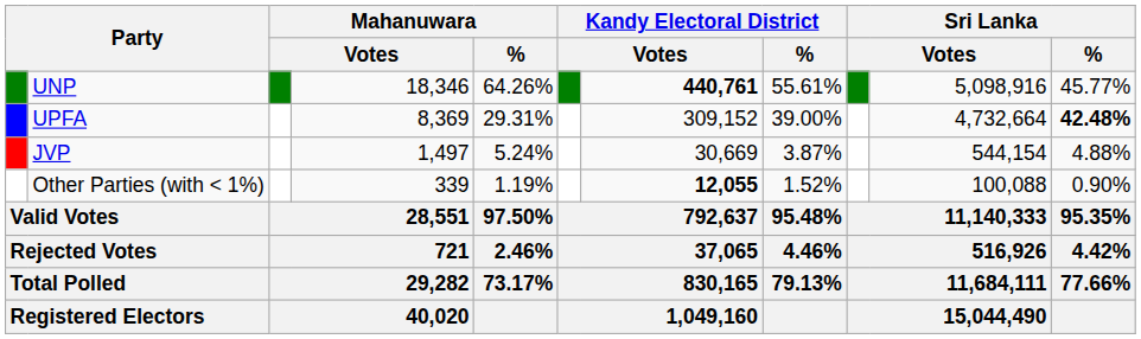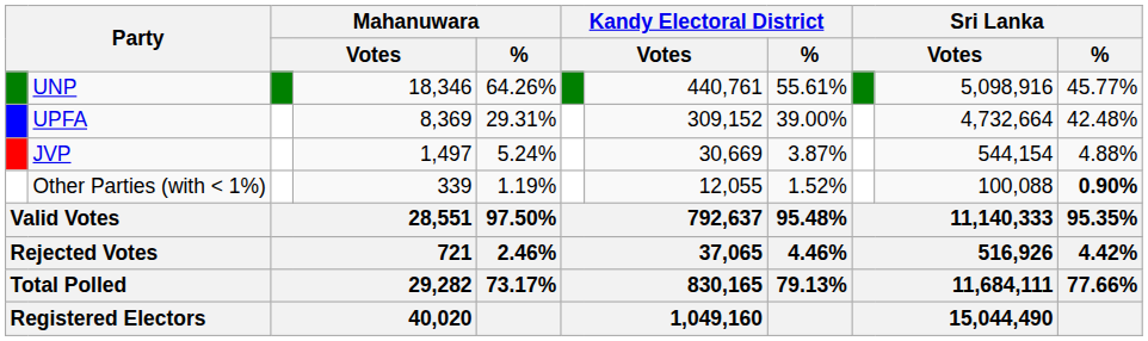 <table class="wikitable">
 <tr>
 <th colspan="2" width="144px"rowspan="2">Party</th>
 <th colspan="3" width="216px">Mahanuwara</th>
 <th colspan="3" width="216px"><a href='#'>Kandy Electoral District</a></th>
 <th colspan="3" width="216px">Sri Lanka</th>
 </tr>
 <tr>
 <th colspan="2" width="144px">Votes</th>
 <th>%</th>
 <th colspan="2" width="144px">Votes</th>
 <th>%</th>
 <th colspan="2" width="144px">Votes</th>
 <th>%</th>
 </tr>
 <tr>
 <td style="background-color:green;" width="10px"></td>
 <td style="text-align:left;"><a href='#'>UNP</a></td>
 <td style="background-color:green;" width="10px"></td>
 <td style="text-align:right;">18,346</td>
 <td style="text-align:right;">64.26%</td>
 <td style="background-color:green;" width="10px"></td>
-<td style="text-align:right;"><strong>440,761</strong></td>
+<td style="text-align:right;">440,761</td>
 <td style="text-align:right;">55.61%</td>
 <td style="background-color:green;" width="10px"></td>
 <td style="text-align:right;">5,098,916</td>
 <td style="text-align:right;">45.77%</td>
 </tr>
 <tr>
 <td style="background-color:blue;" width="10px"></td>
 <td style="text-align:left;"><a href='#'>UPFA</a></td>
 <td style="background-color:white;" width="10px"></td>
 <td style="text-align:right;">8,369</td>
 <td style="text-align:right;">29.31%</td>
 <td style="background-color:white;" width="10px"></td>
 <td style="text-align:right;">309,152</td>
 <td style="text-align:right;">39.00%</td>
 <td style="background-color:white;" width="10px"></td>
 <td style="text-align:right;">4,732,664</td>
-<td style="text-align:right;"><strong>42.48%</strong></td>
+<td style="text-align:right;">42.48%</td>
 </tr>
 <tr>
 <td style="background-color:red;" width="10px"></td>
 <td style="text-align:left;"><a href='#'>JVP</a></td>
 <td style="background-color:white;" width="10px"></td>
 <td style="text-align:right;">1,497</td>
 <td style="text-align:right;">5.24%</td>
 <td style="background-color:white;" width="10px"></td>
 <td style="text-align:right;">30,669</td>
 <td style="text-align:right;">3.87%</td>
 <td style="background-color:white;" width="10px"></td>
 <td style="text-align:right;">544,154</td>
 <td style="text-align:right;">4.88%</td>
 </tr>
 <tr>
 <td style="background-color:white;" width="10px"></td>
 <td style="text-align:left;">Other Parties (with < 1%)</td>
 <td style="background-color:white;" width="10px"></td>
 <td style="text-align:right;">339</td>
 <td style="text-align:right;">1.19%</td>
 <td style="background-color:white;" width="10px"></td>
-<td style="text-align:right;"><strong>12,055</strong></td>
+<td style="text-align:right;">12,055</td>
 <td style="text-align:right;">1.52%</td>
 <td style="background-color:white;" width="10px"></td>
 <td style="text-align:right;">100,088</td>
-<td style="text-align:right;">0.90%</td>
+<td style="text-align:right;"><strong>0.90%</strong></td>
 </tr>
 <tr>
 <th colspan="2" width="144px"style="text-align:left;">Valid Votes</th>
 <th style="text-align:right;"colspan="2" width="144px">28,551</th>
 <th style="text-align:right;">97.50%</th>
 <th style="text-align:right;"colspan="2" width="144px">792,637</th>
 <th style="text-align:right;">95.48%</th>
 <th style="text-align:right;"colspan="2" width="144px">11,140,333</th>
 <th style="text-align:right;">95.35%</th>
 </tr>
 <tr>
 <th colspan="2" width="144px"style="text-align:left;">Rejected Votes</th>
 <th style="text-align:right;"colspan="2" width="144px">721</th>
 <th style="text-align:right;">2.46%</th>
 <th style="text-align:right;"colspan="2" width="144px">37,065</th>
 <th style="text-align:right;">4.46%</th>
 <th style="text-align:right;"colspan="2" width="144px">516,926</th>
 <th style="text-align:right;">4.42%</th>
 </tr>
 <tr>
 <th colspan="2" width="144px"style="text-align:left;">Total Polled</th>
 <th style="text-align:right;"colspan="2" width="144px">29,282</th>
 <th style="text-align:right;">73.17%</th>
 <th style="text-align:right;"colspan="2" width="144px">830,165</th>
 <th style="text-align:right;">79.13%</th>
 <th style="text-align:right;"colspan="2" width="144px">11,684,111</th>
 <th style="text-align:right;">77.66%</th>
 </tr>
 <tr>
 <th colspan="2" width="144px"style="text-align:left;">Registered Electors</th>
 <th style="text-align:right;"colspan="2" width="144px">40,020</th>
 <th></th>
 <th style="text-align:right;"colspan="2" width="144px">1,049,160</th>
 <th></th>
 <th style="text-align:right;"colspan="2" width="144px">15,044,490</th>
 <th></th>
 </tr>
 </table>
